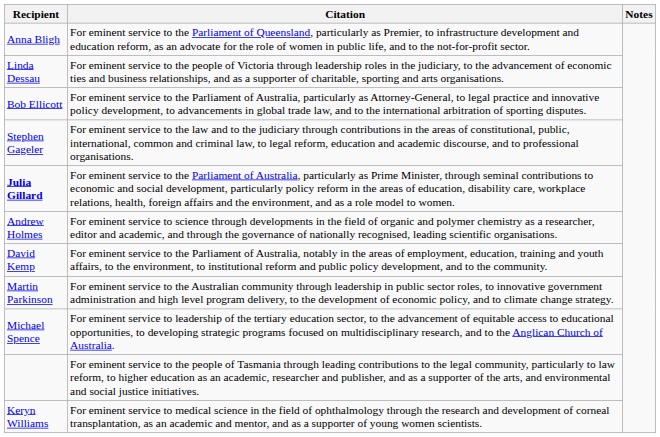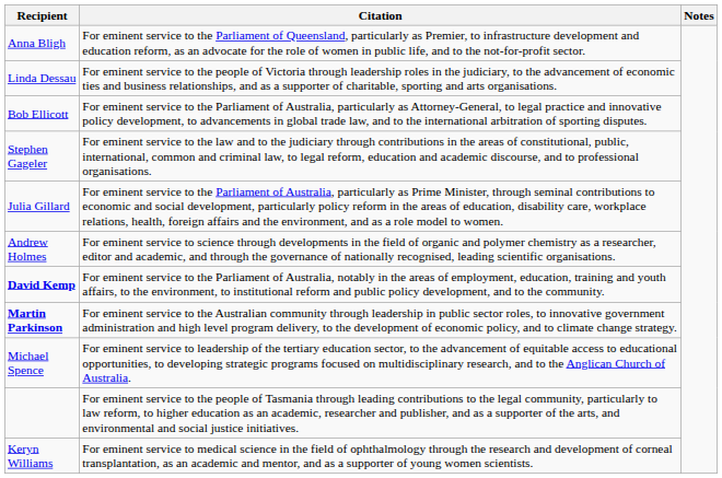 <table class="wikitable" style="font-size:95%;">
 <tr>
 <th>Recipient</th>
 <th>Citation</th>
 <th>Notes</th>
 </tr>
 <tr>
 <td> <a href='#'>Anna Bligh</a></td>
 <td>For eminent service to the <a href='#'>Parliament of Queensland</a>, particularly as Premier, to infrastructure development and education reform, as an advocate for the role of women in public life, and to the not-for-profit sector.</td>
 <td rowspan=11></td>
 </tr>
 <tr>
 <td> <a href='#'>Linda Dessau</a> </td>
 <td>For eminent service to the people of Victoria through leadership roles in the judiciary, to the advancement of economic ties and business relationships, and as a supporter of charitable, sporting and arts organisations.</td>
 </tr>
 <tr>
 <td> <a href='#'>Bob Ellicott</a> </td>
 <td>For eminent service to the Parliament of Australia, particularly as Attorney-General, to legal practice and innovative policy development, to advancements in global trade law, and to the international arbitration of sporting disputes.</td>
 </tr>
 <tr>
 <td> <a href='#'>Stephen Gageler</a></td>
 <td>For eminent service to the law and to the judiciary through contributions in the areas of constitutional, public, international, common and criminal law, to legal reform, education and academic discourse, and to professional organisations.</td>
 </tr>
 <tr>
-<td><strong> <a href='#'>Julia Gillard</a></strong></td>
+<td> <a href='#'>Julia Gillard</a></td>
 <td>For eminent service to the <a href='#'>Parliament of Australia</a>, particularly as Prime Minister, through seminal contributions to economic and social development, particularly policy reform in the areas of education, disability care, workplace relations, health, foreign affairs and the environment, and as a role model to women.</td>
 </tr>
 <tr>
 <td> <a href='#'>Andrew Holmes</a> </td>
 <td>For eminent service to science through developments in the field of organic and polymer chemistry as a researcher, editor and academic, and through the governance of nationally recognised, leading scientific organisations.</td>
 </tr>
 <tr>
-<td> <a href='#'>David Kemp</a></td>
+<td><strong> <a href='#'>David Kemp</a></strong></td>
 <td>For eminent service to the Parliament of Australia, notably in the areas of employment, education, training and youth affairs, to the environment, to institutional reform and public policy development, and to the community.</td>
 </tr>
 <tr>
-<td> <a href='#'>Martin Parkinson</a> </td>
+<td><strong> <a href='#'>Martin Parkinson</a> </strong></td>
 <td>For eminent service to the Australian community through leadership in public sector roles, to innovative government administration and high level program delivery, to the development of economic policy, and to climate change strategy.</td>
 </tr>
 <tr>
 <td> <a href='#'>Michael Spence</a></td>
 <td>For eminent service to leadership of the tertiary education sector, to the advancement of equitable access to educational opportunities, to developing strategic programs focused on multidisciplinary research, and to the <a href='#'>Anglican Church of Australia</a>.</td>
 </tr>
 <tr>
 <td></td>
 <td>For eminent service to the people of Tasmania through leading contributions to the legal community, particularly to law reform, to higher education as an academic, researcher and publisher, and as a supporter of the arts, and environmental and social justice initiatives.</td>
 </tr>
 <tr>
 <td> <a href='#'>Keryn Williams</a></td>
 <td>For eminent service to medical science in the field of ophthalmology through the research and development of corneal transplantation, as an academic and mentor, and as a supporter of young women scientists.</td>
 </tr>
 </table>
